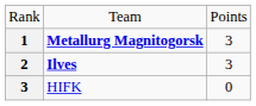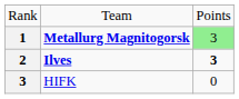 <table class="wikitable" style="text-align: center;">
 <tr>
 <td>Rank</td>
 <td>Team</td>
 <td>Points</td>
 </tr>
 <tr>
 <th>1</th>
 <td style="text-align: left;"> <strong><a href='#'>Metallurg Magnitogorsk</a></strong></td>
-<td>3</td>
+<td style="background: lightgreen;">3</td>
 </tr>
 <tr>
 <th>2</th>
 <td style="text-align: left;"> <strong><a href='#'>Ilves</a></strong></td>
-<td>3</td>
+<td><strong>3</strong></td>
 </tr>
 <tr>
 <th>3</th>
 <td style="text-align: left;"> <a href='#'>HIFK</a></td>
 <td>0</td>
 </tr>
 </table>
